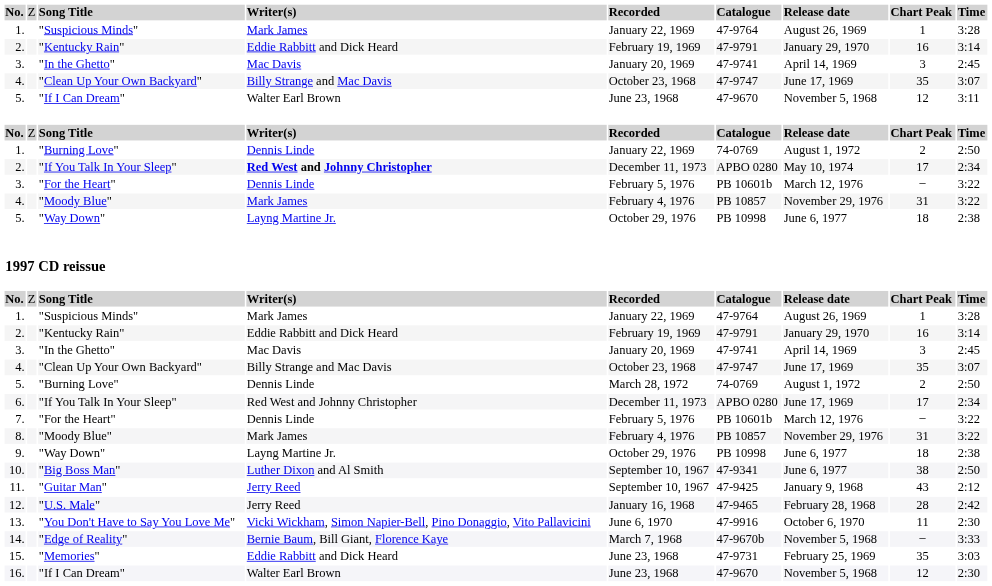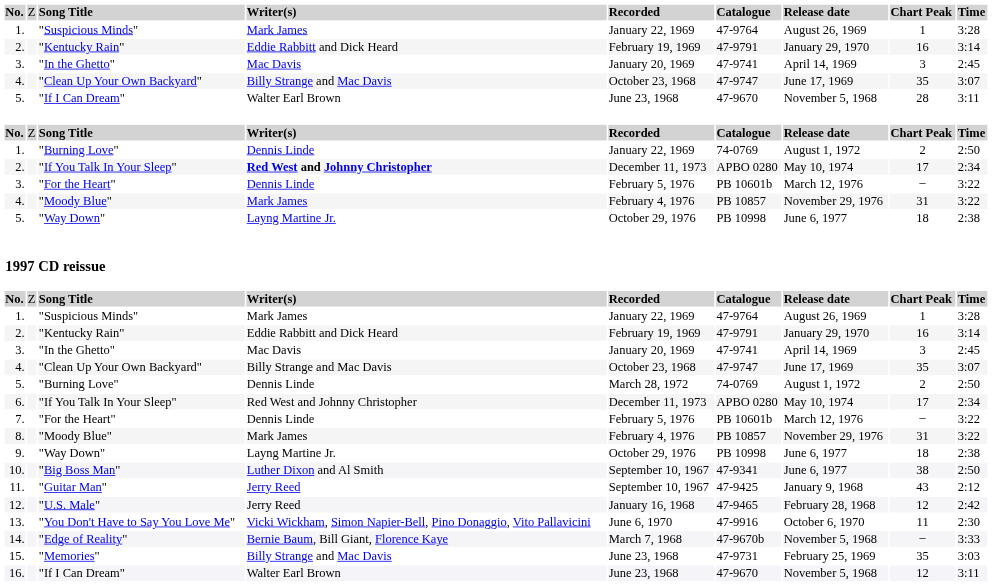 <table width=100%>
 <tr>
 <td colspan="9"><br></td>
 </tr>
 <tr style="background:#D3D3D3">
 <td><strong>No.</strong></td>
 <td><span>Z</span></td>
 <td><strong>Song Title</strong></td>
 <td><strong>Writer(s)</strong></td>
 <td><strong>Recorded</strong></td>
 <td><strong>Catalogue</strong></td>
 <td><strong>Release date</strong></td>
 <td><strong>Chart Peak</strong></td>
 <td><strong>Time</strong></td>
 </tr>
 <tr style="background:white">
 <td style="text-align:right">1.</td>
 <td></td>
 <td>"<a href='#'>Suspicious Minds</a>"</td>
 <td><a href='#'>Mark James</a></td>
 <td>January 22, 1969</td>
 <td>47-9764</td>
 <td>August 26, 1969</td>
 <td style="text-align:center">1</td>
 <td>3:28</td>
 </tr>
 <tr style="background:#F5F5F5">
 <td style="text-align:right">2.</td>
 <td></td>
 <td>"<a href='#'>Kentucky Rain</a>"</td>
 <td><a href='#'>Eddie Rabbitt</a> and Dick Heard</td>
 <td>February 19, 1969</td>
 <td>47-9791</td>
 <td>January 29, 1970</td>
 <td style="text-align:center">16</td>
 <td>3:14</td>
 </tr>
 <tr style="background:white">
 <td style="text-align:right">3.</td>
 <td></td>
 <td>"<a href='#'>In the Ghetto</a>"</td>
 <td><a href='#'>Mac Davis</a></td>
 <td>January 20, 1969</td>
 <td>47-9741</td>
 <td>April 14, 1969</td>
 <td style="text-align:center">3</td>
 <td>2:45</td>
 </tr>
 <tr style="background:#F5F5F5">
 <td style="text-align:right">4.</td>
 <td></td>
 <td>"<a href='#'>Clean Up Your Own Backyard</a>"</td>
 <td><a href='#'>Billy Strange</a> and <a href='#'>Mac Davis</a></td>
 <td>October 23, 1968</td>
 <td>47-9747</td>
 <td>June 17, 1969</td>
 <td style="text-align:center">35</td>
 <td>3:07</td>
 </tr>
 <tr style="background:white">
 <td style="text-align:right">5.</td>
 <td></td>
 <td>"<a href='#'>If I Can Dream</a>"</td>
 <td>Walter Earl Brown</td>
 <td>June 23, 1968</td>
 <td>47-9670</td>
 <td>November 5, 1968</td>
-<td style="text-align:center">12</td>
+<td style="text-align:center">28</td>
 <td>3:11</td>
 </tr>
 <tr>
 <td colspan="9"><br></td>
 </tr>
 <tr style="background:#D3D3D3">
 <td><strong>No.</strong></td>
 <td><span>Z</span></td>
 <td><strong>Song Title</strong></td>
 <td><strong>Writer(s)</strong></td>
 <td><strong>Recorded</strong></td>
 <td><strong>Catalogue</strong></td>
 <td><strong>Release date</strong></td>
 <td><strong>Chart Peak</strong></td>
 <td><strong>Time</strong></td>
 </tr>
 <tr style="background:white">
 <td style="text-align:right">1.</td>
 <td></td>
 <td>"<a href='#'>Burning Love</a>"</td>
 <td><a href='#'>Dennis Linde</a></td>
 <td>January 22, 1969</td>
 <td>74-0769</td>
 <td>August 1, 1972</td>
 <td style="text-align:center">2</td>
 <td>2:50</td>
 </tr>
 <tr style="background:#F5F5F5">
 <td style="text-align:right">2.</td>
 <td></td>
 <td>"<a href='#'>If You Talk In Your Sleep</a>"</td>
 <td><strong><a href='#'>Red West</a> and <a href='#'>Johnny Christopher</a></strong></td>
 <td>December 11, 1973</td>
 <td>APBO 0280</td>
 <td>May 10, 1974</td>
 <td style="text-align:center">17</td>
 <td>2:34</td>
 </tr>
 <tr style="background:white">
 <td style="text-align:right">3.</td>
 <td></td>
 <td>"<a href='#'>For the Heart</a>"</td>
 <td><a href='#'>Dennis Linde</a></td>
 <td>February 5, 1976</td>
 <td>PB 10601b</td>
 <td>March 12, 1976</td>
 <td style="text-align:center">̶</td>
 <td>3:22</td>
 </tr>
 <tr style="background:#F5F5F5">
 <td style="text-align:right">4.</td>
 <td></td>
 <td>"<a href='#'>Moody Blue</a>"</td>
 <td><a href='#'>Mark James</a></td>
 <td>February 4, 1976</td>
 <td>PB 10857</td>
 <td>November 29, 1976</td>
 <td style="text-align:center">31</td>
 <td>3:22</td>
 </tr>
 <tr style="background:white">
 <td style="text-align:right">5.</td>
 <td></td>
 <td>"<a href='#'>Way Down</a>"</td>
 <td><a href='#'>Layng Martine Jr.</a></td>
 <td>October 29, 1976</td>
 <td>PB 10998</td>
 <td>June 6, 1977</td>
 <td style="text-align:center">18</td>
 <td>2:38</td>
 </tr>
 <tr>
 <td colspan=9><br><h3>1997 CD reissue</h3></td>
 </tr>
 <tr style="background:#D3D3D3">
 <td><strong>No.</strong></td>
 <td><span>Z</span></td>
 <td><strong>Song Title</strong></td>
 <td><strong>Writer(s)</strong></td>
 <td><strong>Recorded</strong></td>
 <td><strong>Catalogue</strong></td>
 <td><strong>Release date</strong></td>
 <td><strong>Chart Peak</strong></td>
 <td><strong>Time</strong></td>
 </tr>
 <tr style="background:white">
 <td style="text-align:right">1.</td>
 <td></td>
 <td>"Suspicious Minds"</td>
 <td>Mark James</td>
 <td>January 22, 1969</td>
 <td>47-9764</td>
 <td>August 26, 1969</td>
 <td style="text-align:center">1</td>
 <td>3:28</td>
 </tr>
 <tr style="background:#F5F5F5">
 <td style="text-align:right">2.</td>
 <td></td>
 <td>"Kentucky Rain"</td>
 <td>Eddie Rabbitt and Dick Heard</td>
 <td>February 19, 1969</td>
 <td>47-9791</td>
 <td>January 29, 1970</td>
 <td style="text-align:center">16</td>
 <td>3:14</td>
 </tr>
 <tr style="background:white">
 <td style="text-align:right">3.</td>
 <td></td>
 <td>"In the Ghetto"</td>
 <td>Mac Davis</td>
 <td>January 20, 1969</td>
 <td>47-9741</td>
 <td>April 14, 1969</td>
 <td style="text-align:center">3</td>
 <td>2:45</td>
 </tr>
 <tr style="background:#F5F5F5">
 <td style="text-align:right">4.</td>
 <td></td>
 <td>"Clean Up Your Own Backyard"</td>
 <td>Billy Strange and Mac Davis</td>
 <td>October 23, 1968</td>
 <td>47-9747</td>
 <td>June 17, 1969</td>
 <td style="text-align:center">35</td>
 <td>3:07</td>
 </tr>
 <tr style="background:white">
 <td style="text-align:right">5.</td>
 <td></td>
 <td>"Burning Love"</td>
 <td>Dennis Linde</td>
 <td>March 28, 1972</td>
 <td>74-0769</td>
 <td>August 1, 1972</td>
 <td style="text-align:center">2</td>
 <td>2:50</td>
 </tr>
 <tr style="background:#F5F5F6">
 <td style="text-align:right">6.</td>
 <td></td>
 <td>"If You Talk In Your Sleep"</td>
 <td>Red West and Johnny Christopher</td>
 <td>December 11, 1973</td>
 <td>APBO 0280</td>
-<td>June 17, 1969</td>
+<td>May 10, 1974</td>
 <td style="text-align:center">17</td>
 <td>2:34</td>
 </tr>
 <tr style="background:white">
 <td style="text-align:right">7.</td>
 <td></td>
 <td>"For the Heart"</td>
 <td>Dennis Linde</td>
 <td>February 5, 1976</td>
 <td>PB 10601b</td>
 <td>March 12, 1976</td>
 <td style="text-align:center">̶</td>
 <td>3:22</td>
 </tr>
 <tr style="background:#F5F5F6">
 <td style="text-align:right">8.</td>
 <td></td>
 <td>"Moody Blue"</td>
 <td>Mark James</td>
 <td>February 4, 1976</td>
 <td>PB 10857</td>
 <td>November 29, 1976</td>
 <td style="text-align:center">31</td>
 <td>3:22</td>
 </tr>
 <tr style="background:white">
 <td style="text-align:right">9.</td>
 <td></td>
 <td>"Way Down"</td>
 <td>Layng Martine Jr.</td>
 <td>October 29, 1976</td>
 <td>PB 10998</td>
 <td>June 6, 1977</td>
 <td style="text-align:center">18</td>
 <td>2:38</td>
 </tr>
 <tr style="background:#F5F5F7">
 <td style="text-align:right">10.</td>
 <td></td>
 <td>"<a href='#'>Big Boss Man</a>"</td>
 <td><a href='#'>Luther Dixon</a> and Al Smith</td>
 <td>September 10, 1967</td>
 <td>47-9341</td>
 <td>June 6, 1977</td>
 <td style="text-align:center">38</td>
 <td>2:50</td>
 </tr>
 <tr style="background:white">
 <td style="text-align:right">11.</td>
 <td></td>
 <td>"<a href='#'>Guitar Man</a>"</td>
 <td><a href='#'>Jerry Reed</a></td>
 <td>September 10, 1967</td>
 <td>47-9425</td>
 <td>January 9, 1968</td>
 <td style="text-align:center">43</td>
 <td>2:12</td>
 </tr>
 <tr style="background:#F5F5F7">
 <td style="text-align:right">12.</td>
 <td></td>
 <td>"<a href='#'>U.S. Male</a>"</td>
 <td>Jerry Reed</td>
 <td>January 16, 1968</td>
 <td>47-9465</td>
 <td>February 28, 1968</td>
-<td style="text-align:center">28</td>
+<td style="text-align:center">12</td>
 <td>2:42</td>
 </tr>
 <tr style="background:white">
 <td style="text-align:right">13.</td>
 <td></td>
 <td>"<a href='#'>You Don't Have to Say You Love Me</a>"</td>
 <td><a href='#'>Vicki Wickham</a>, <a href='#'>Simon Napier-Bell</a>, <a href='#'>Pino Donaggio</a>, <a href='#'>Vito Pallavicini</a></td>
 <td>June 6, 1970</td>
 <td>47-9916</td>
 <td>October 6, 1970</td>
 <td style="text-align:center">11</td>
 <td>2:30</td>
 </tr>
 <tr style="background:#F5F5F8">
 <td style="text-align:right">14.</td>
 <td></td>
 <td>"<a href='#'>Edge of Reality</a>"</td>
 <td><a href='#'>Bernie Baum</a>, Bill Giant, <a href='#'>Florence Kaye</a></td>
 <td>March 7, 1968</td>
 <td>47-9670b</td>
 <td>November 5, 1968</td>
 <td style="text-align:center">̶</td>
 <td>3:33</td>
 </tr>
 <tr style="background:white">
 <td style="text-align:right">15.</td>
 <td></td>
 <td>"<a href='#'>Memories</a>"</td>
-<td><a href='#'>Eddie Rabbitt</a> and Dick Heard</td>
+<td><a href='#'>Billy Strange</a> and <a href='#'>Mac Davis</a></td>
 <td>June 23, 1968</td>
 <td>47-9731</td>
 <td>February 25, 1969</td>
 <td style="text-align:center">35</td>
 <td>3:03</td>
 </tr>
 <tr style="background:#F5F5F9">
 <td style="text-align:right">16.</td>
 <td></td>
 <td>"If I Can Dream"</td>
 <td>Walter Earl Brown</td>
 <td>June 23, 1968</td>
 <td>47-9670</td>
 <td>November 5, 1968</td>
 <td style="text-align:center">12</td>
-<td>2:30</td>
+<td>3:11</td>
 </tr>
 </table>
